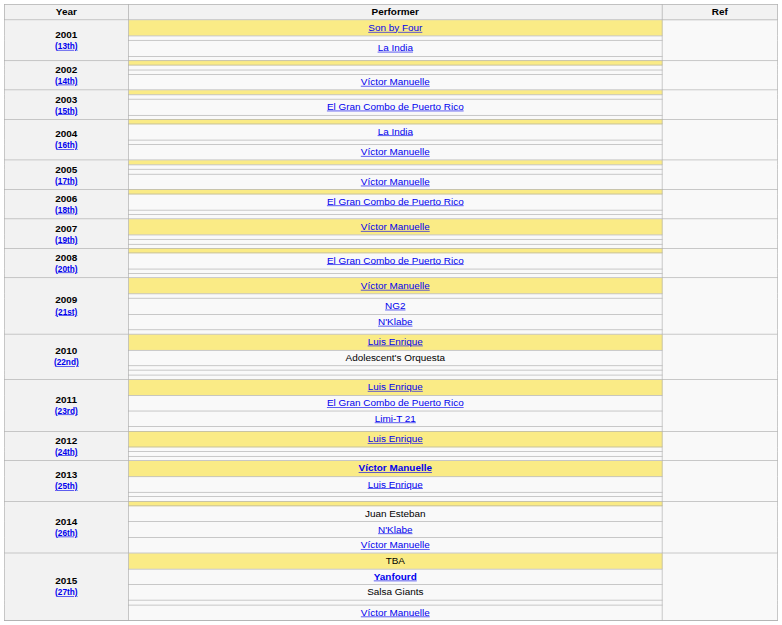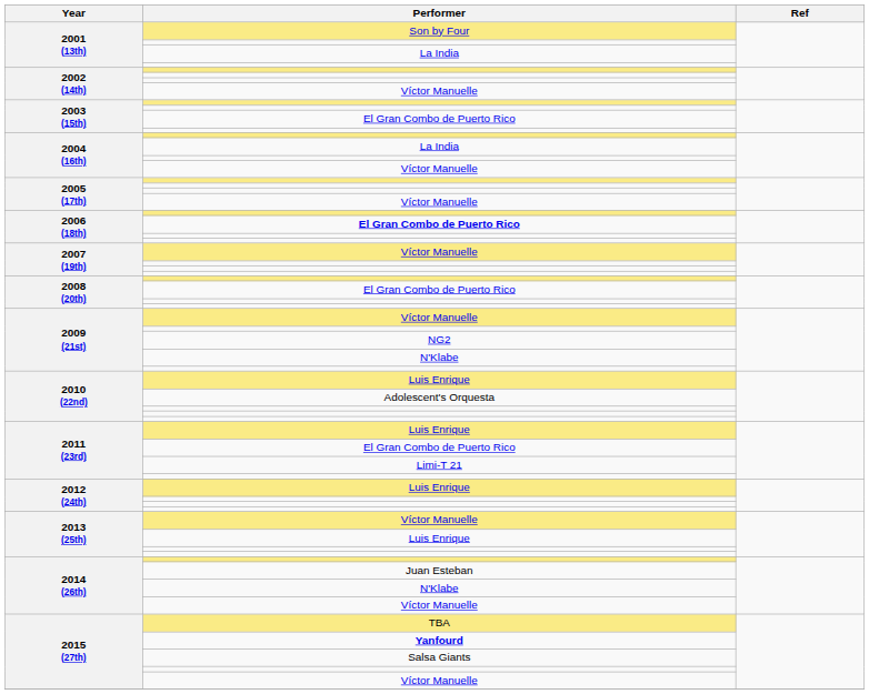 <table class="wikitable sortable" style="text-align:center">
 <tr style="background:#bebebe;">
 <th scope="col" style="width:1%;">Year</th>
 <th scope="col" style="width:5%;">Performer</th>
 <th scope="col" style="width:1%;" class="unsortable">Ref</th>
 </tr>
 <tr>
 <th scope="row" rowspan=4 style="text-align:center">2001 <br><small><a href='#'>(13th)</a></small></th>
 <td style="background:#FAEB86"><a href='#'>Son by Four</a></td>
 <td rowspan=4></td>
 </tr>
 <tr>
 <td></td>
 </tr>
 <tr>
 <td><a href='#'>La India</a></td>
 </tr>
 <tr>
 <td></td>
 </tr>
 <tr>
 <th scope="row" rowspan=4 style="text-align:center">2002 <br><small><a href='#'>(14th)</a></small></th>
 <td style="background:#FAEB86"></td>
 <td rowspan=4></td>
 </tr>
 <tr>
 <td></td>
 </tr>
 <tr>
 <td></td>
 </tr>
 <tr>
 <td><a href='#'>Víctor Manuelle</a></td>
 </tr>
 <tr>
 <th scope="row" rowspan=4 style="text-align:center">2003 <br><small><a href='#'>(15th)</a></small></th>
 <td style="background:#FAEB86"></td>
 <td rowspan=4></td>
 </tr>
 <tr>
 <td></td>
 </tr>
 <tr>
 <td><a href='#'>El Gran Combo de Puerto Rico</a></td>
 </tr>
 <tr>
 <td></td>
 </tr>
 <tr>
 <th scope="row" rowspan=4 style="text-align:center">2004 <br><small><a href='#'>(16th)</a></small></th>
 <td style="background:#FAEB86"></td>
 <td rowspan=4></td>
 </tr>
 <tr>
 <td><a href='#'>La India</a></td>
 </tr>
 <tr>
 <td></td>
 </tr>
 <tr>
 <td><a href='#'>Víctor Manuelle</a></td>
 </tr>
 <tr>
 <th scope="row" rowspan=4 style="text-align:center">2005 <br><small><a href='#'>(17th)</a></small></th>
 <td style="background:#FAEB86"></td>
 <td rowspan=4></td>
 </tr>
 <tr>
 <td></td>
 </tr>
 <tr>
 <td></td>
 </tr>
 <tr>
 <td><a href='#'>Víctor Manuelle</a></td>
 </tr>
 <tr>
 <th scope="row" rowspan=4 style="text-align:center">2006 <br><small><a href='#'>(18th)</a></small></th>
 <td style="background:#FAEB86"></td>
 <td rowspan=4></td>
 </tr>
 <tr>
-<td><a href='#'>El Gran Combo de Puerto Rico</a></td>
+<td><strong><a href='#'>El Gran Combo de Puerto Rico</a></strong></td>
 </tr>
 <tr>
 <td></td>
 </tr>
 <tr>
 <td></td>
 </tr>
 <tr>
 <th scope="row" rowspan=4 style="text-align:center">2007 <br><small><a href='#'>(19th)</a></small></th>
 <td style="background:#FAEB86"><a href='#'>Víctor Manuelle</a></td>
 <td rowspan=4></td>
 </tr>
 <tr>
 <td></td>
 </tr>
 <tr>
 <td></td>
 </tr>
 <tr>
 <td></td>
 </tr>
 <tr>
 <th scope="row" rowspan=4 style="text-align:center">2008 <br><small><a href='#'>(20th)</a></small></th>
 <td style="background:#FAEB86"></td>
 <td rowspan=4></td>
 </tr>
 <tr>
 <td><a href='#'>El Gran Combo de Puerto Rico</a></td>
 </tr>
 <tr>
 <td></td>
 </tr>
 <tr>
 <td></td>
 </tr>
 <tr>
 <th scope="row" rowspan=5 style="text-align:center">2009 <br><small><a href='#'>(21st)</a></small></th>
 <td style="background:#FAEB86"><a href='#'>Víctor Manuelle</a></td>
 <td rowspan=5></td>
 </tr>
 <tr>
 <td></td>
 </tr>
 <tr>
 <td><a href='#'>NG2</a></td>
 </tr>
 <tr>
 <td><a href='#'>N'Klabe</a></td>
 </tr>
 <tr>
 <td></td>
 </tr>
 <tr>
 <th scope="row" rowspan=5 style="text-align:center">2010 <br><small><a href='#'>(22nd)</a></small></th>
 <td style="background:#FAEB86"><a href='#'>Luis Enrique</a></td>
 <td rowspan=5></td>
 </tr>
 <tr>
 <td>Adolescent's Orquesta</td>
 </tr>
 <tr>
 <td></td>
 </tr>
 <tr>
 <td></td>
 </tr>
 <tr>
 <td></td>
 </tr>
 <tr>
 <th scope="row" rowspan=4 style="text-align:center">2011 <br><small><a href='#'>(23rd)</a></small></th>
 <td style="background:#FAEB86"><a href='#'>Luis Enrique</a></td>
 <td rowspan=4></td>
 </tr>
 <tr>
 <td><a href='#'>El Gran Combo de Puerto Rico</a></td>
 </tr>
 <tr>
 <td><a href='#'>Limi-T 21</a></td>
 </tr>
 <tr>
 <td></td>
 </tr>
 <tr>
 <th scope="row" rowspan=4 style="text-align:center">2012 <br><small><a href='#'>(24th)</a></small></th>
 <td style="background:#FAEB86"><a href='#'>Luis Enrique</a></td>
 <td rowspan=4></td>
 </tr>
 <tr>
 <td></td>
 </tr>
 <tr>
 <td></td>
 </tr>
 <tr>
 <td></td>
 </tr>
 <tr>
 <th scope="row" rowspan=4 style="text-align:center">2013 <br><small><a href='#'>(25th)</a></small></th>
-<td style="background:#FAEB86"><strong><a href='#'>Víctor Manuelle</a></strong></td>
+<td style="background:#FAEB86"><a href='#'>Víctor Manuelle</a></td>
 <td rowspan=4></td>
 </tr>
 <tr>
 <td><a href='#'>Luis Enrique</a></td>
 </tr>
 <tr>
 <td></td>
 </tr>
 <tr>
 <td></td>
 </tr>
 <tr>
 <th scope="row" rowspan=4 style="text-align:center">2014 <br><small><a href='#'>(26th)</a></small></th>
 <td style="background:#FAEB86"></td>
 <td rowspan=4></td>
 </tr>
 <tr>
 <td>Juan Esteban</td>
 </tr>
 <tr>
 <td><a href='#'>N'Klabe</a></td>
 </tr>
 <tr>
 <td><a href='#'>Víctor Manuelle</a></td>
 </tr>
 <tr>
 <th scope="row" rowspan=5 style="text-align:center">2015 <br><small><a href='#'>(27th)</a></small></th>
 <td style="background:#FAEB86">TBA</td>
 <td rowspan=5></td>
 </tr>
 <tr>
 <td><a href='#'><strong>Yanfourd</strong></a></td>
 </tr>
 <tr>
 <td>Salsa Giants</td>
 </tr>
 <tr>
 <td></td>
 </tr>
 <tr>
 <td><a href='#'>Víctor Manuelle</a></td>
 </tr>
 <tr>
 </tr>
 </table>
